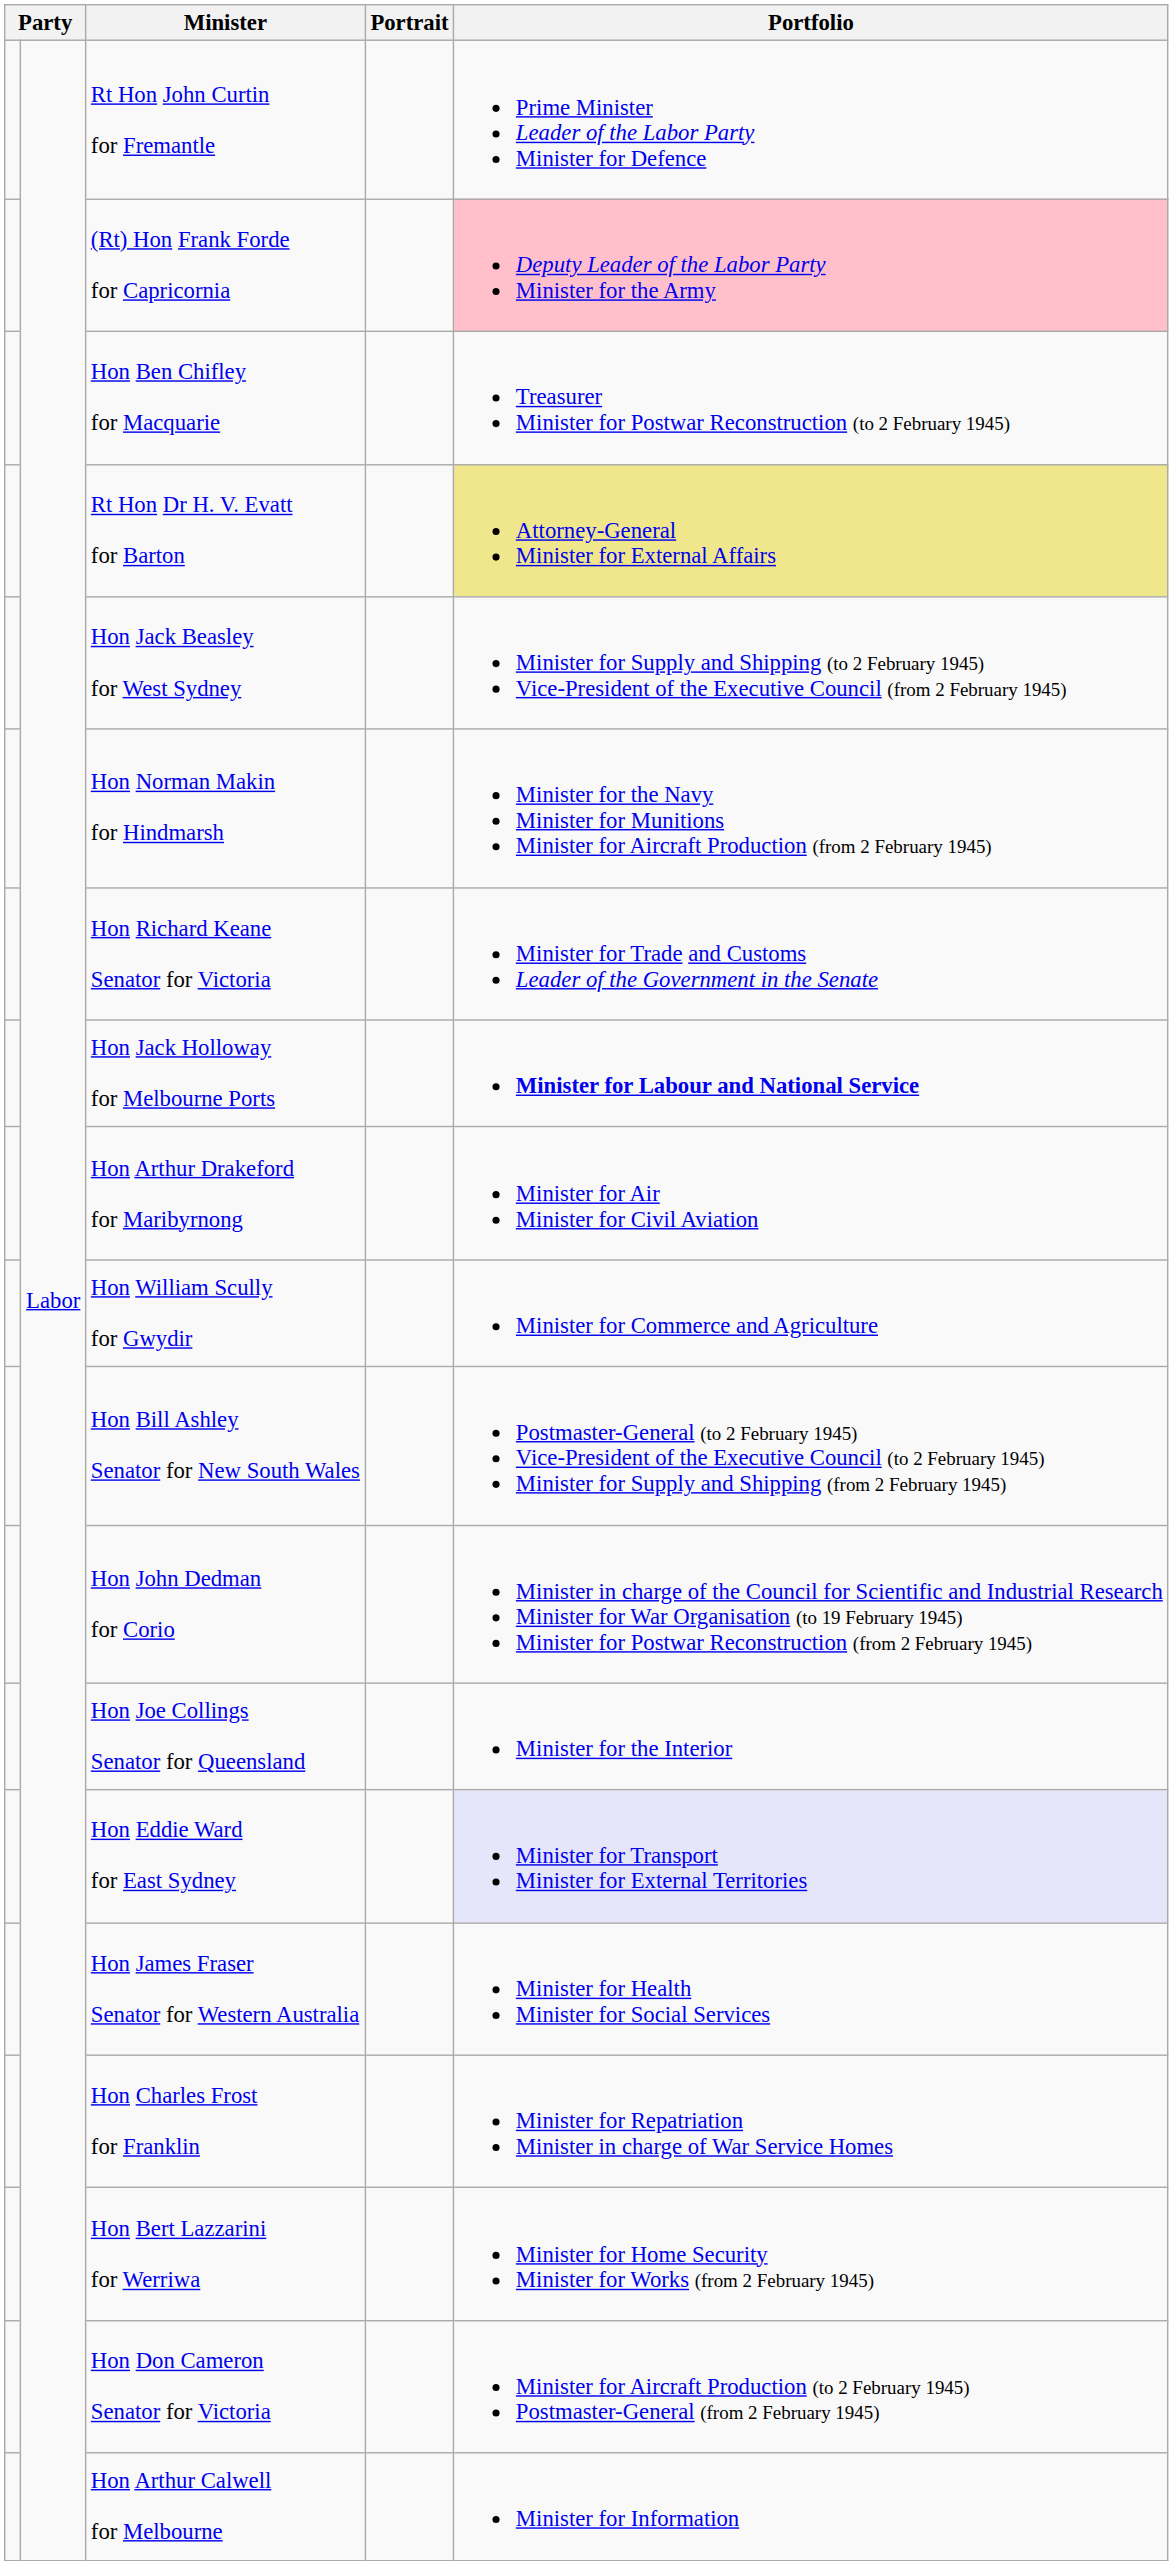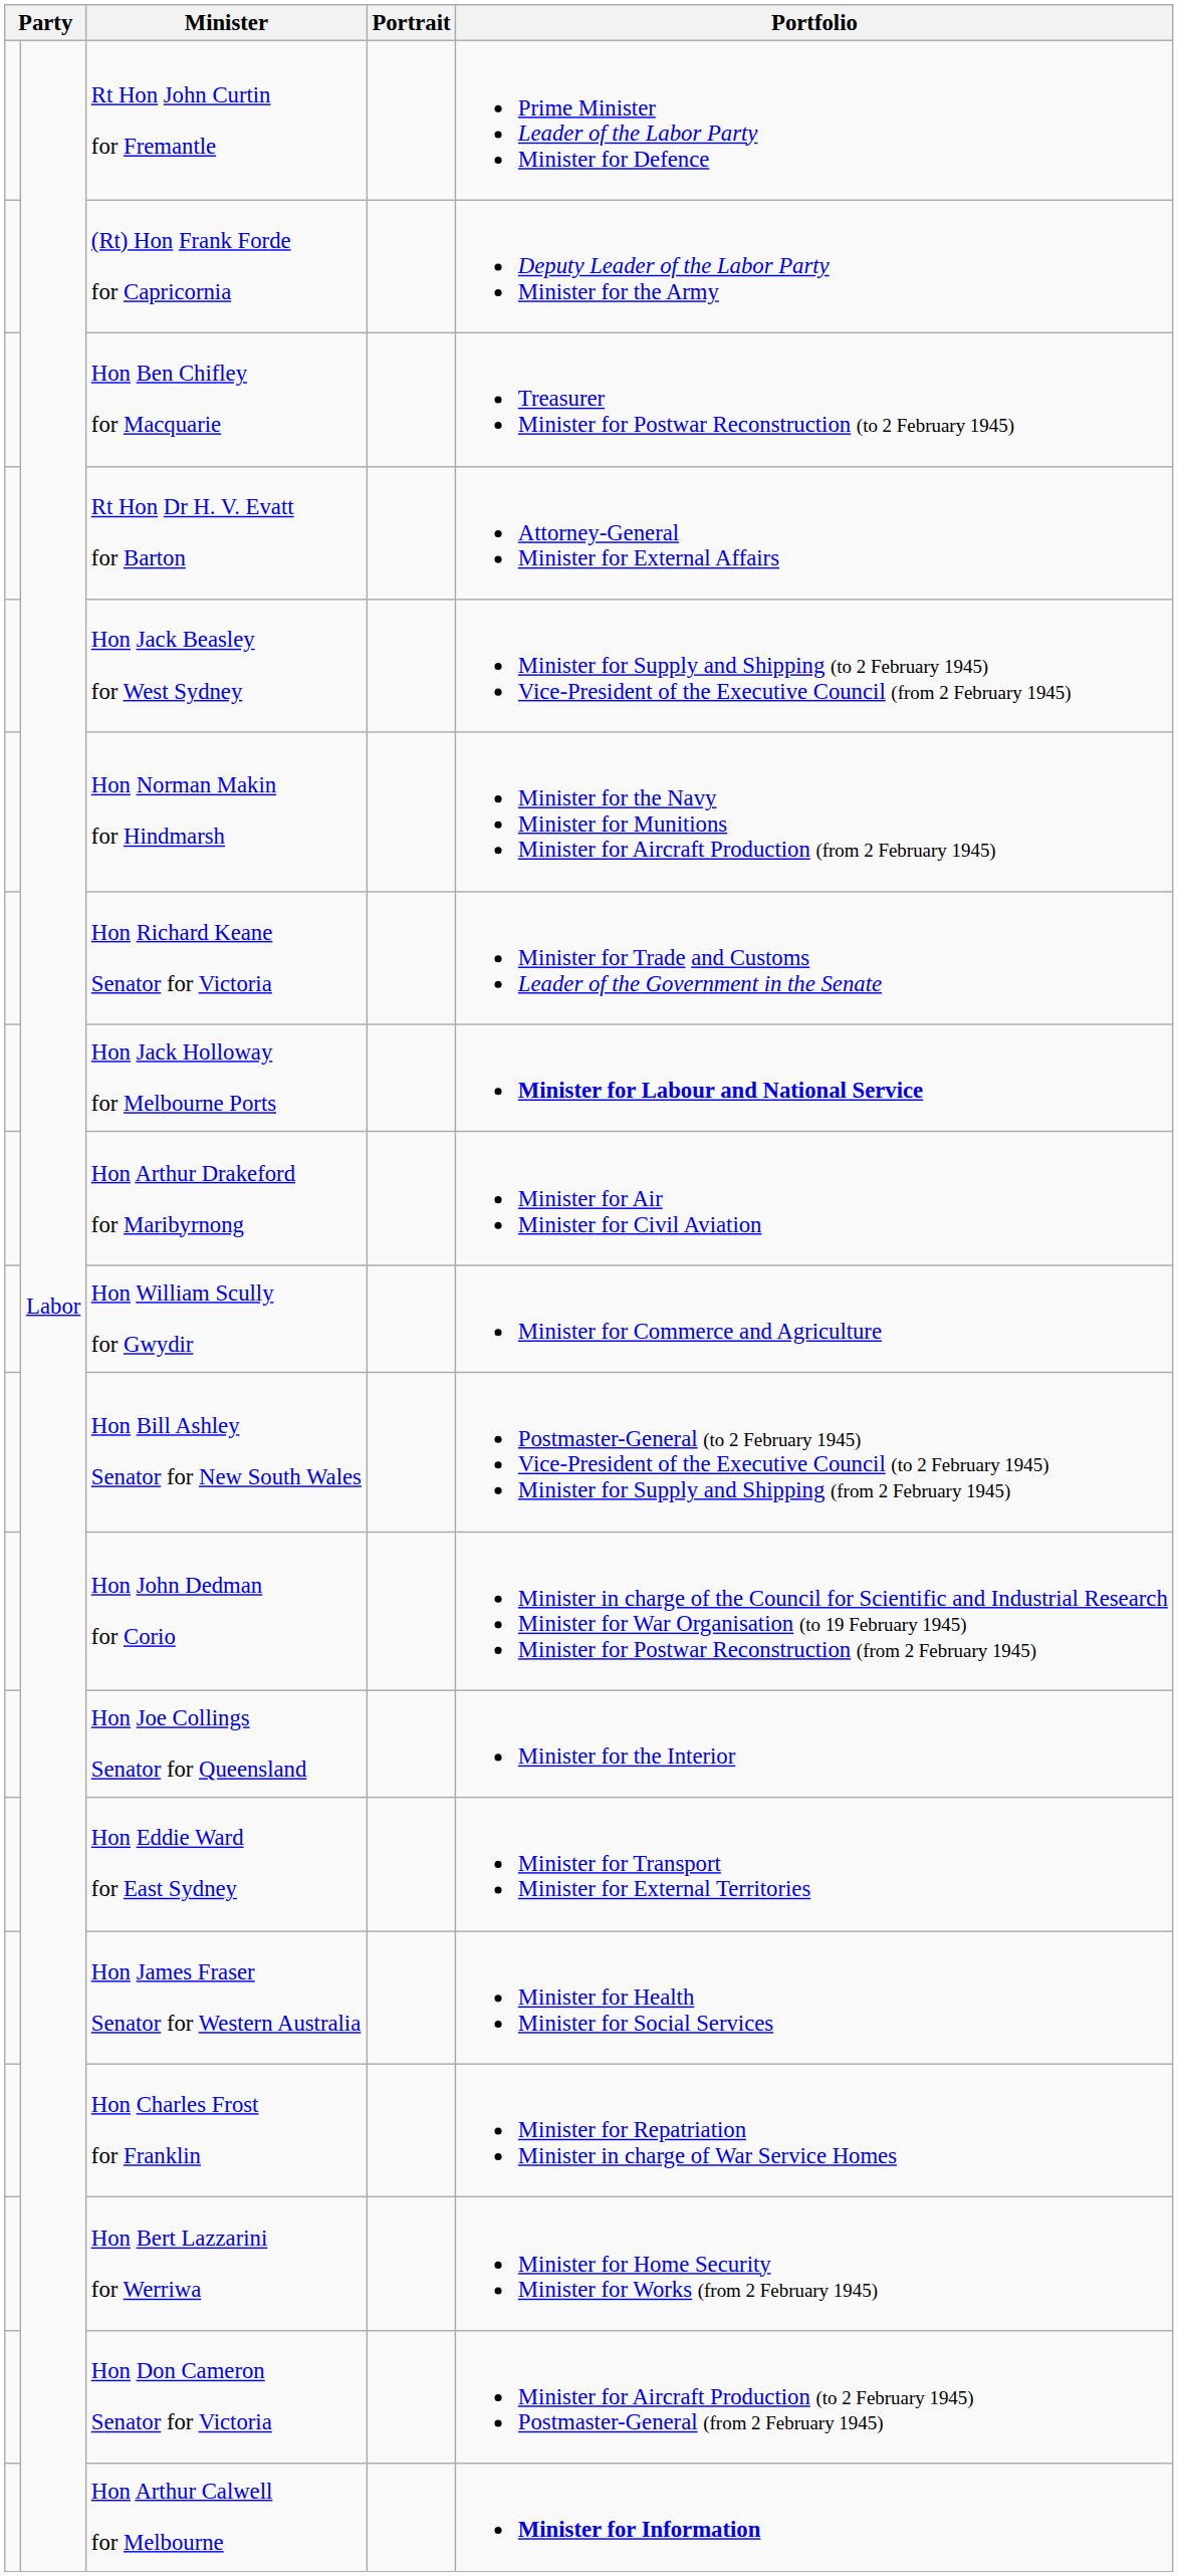 <table class="wikitable sortable">
 <tr>
 <th colspan="2">Party</th>
 <th>Minister</th>
 <th>Portrait</th>
 <th>Portfolio</th>
 </tr>
 <tr>
 <td> </td>
 <td rowspan=19><a href='#'>Labor</a></td>
 <td><a href='#'>Rt Hon</a> <a href='#'>John Curtin</a> <br><br> for <a href='#'>Fremantle</a> <br></td>
 <td></td>
 <td><br><ul><li><a href='#'>Prime Minister</a></li><li><em><a href='#'>Leader of the Labor Party</a></em></li><li><a href='#'>Minister for Defence</a></li></ul></td>
 </tr>
 <tr>
 <td> </td>
 <td><a href='#'>(Rt) Hon</a> <a href='#'>Frank Forde</a> <br><br> for <a href='#'>Capricornia</a> <br></td>
 <td></td>
-<td style="background: pink;"><br><ul><li><em><a href='#'>Deputy Leader of the Labor Party</a></em></li><li><a href='#'>Minister for the Army</a></li></ul></td>
+<td><br><ul><li><em><a href='#'>Deputy Leader of the Labor Party</a></em></li><li><a href='#'>Minister for the Army</a></li></ul></td>
 </tr>
 <tr>
 <td> </td>
 <td><a href='#'>Hon</a> <a href='#'>Ben Chifley</a> <br><br> for <a href='#'>Macquarie</a> <br></td>
 <td></td>
 <td><br><ul><li><a href='#'>Treasurer</a></li><li><a href='#'>Minister for Postwar Reconstruction</a> <small>(to 2 February 1945)</small></li></ul></td>
 </tr>
 <tr>
 <td> </td>
 <td><a href='#'>Rt Hon</a> <a href='#'>Dr H. V. Evatt</a>  <br><br> for <a href='#'>Barton</a> <br></td>
 <td></td>
-<td style="background: khaki;"><br><ul><li><a href='#'>Attorney-General</a></li><li><a href='#'>Minister for External Affairs</a></li></ul></td>
+<td><br><ul><li><a href='#'>Attorney-General</a></li><li><a href='#'>Minister for External Affairs</a></li></ul></td>
 </tr>
 <tr>
 <td> </td>
 <td><a href='#'>Hon</a> <a href='#'>Jack Beasley</a> <br><br> for <a href='#'>West Sydney</a> <br></td>
 <td></td>
 <td><br><ul><li><a href='#'>Minister for Supply and Shipping</a> <small>(to 2 February 1945)</small></li><li><a href='#'>Vice-President of the Executive Council</a> <small>(from 2 February 1945)</small></li></ul></td>
 </tr>
 <tr>
 <td> </td>
 <td><a href='#'>Hon</a> <a href='#'>Norman Makin</a> <br><br> for <a href='#'>Hindmarsh</a> <br></td>
 <td></td>
 <td><br><ul><li><a href='#'>Minister for the Navy</a></li><li><a href='#'>Minister for Munitions</a></li><li><a href='#'>Minister for Aircraft Production</a> <small>(from 2 February 1945)</small></li></ul></td>
 </tr>
 <tr>
 <td> </td>
 <td><a href='#'>Hon</a> <a href='#'>Richard Keane</a> <br><br><a href='#'>Senator</a> for <a href='#'>Victoria</a> <br></td>
 <td></td>
 <td><br><ul><li><a href='#'>Minister for Trade</a> <a href='#'>and Customs</a></li><li><em><a href='#'>Leader of the Government in the Senate</a></em></li></ul></td>
 </tr>
 <tr>
 <td> </td>
 <td><a href='#'>Hon</a> <a href='#'>Jack Holloway</a> <br><br> for <a href='#'>Melbourne Ports</a> <br></td>
 <td></td>
 <td><strong><br><ul><li><a href='#'>Minister for Labour and National Service</a></li></ul></strong></td>
 </tr>
 <tr>
 <td> </td>
 <td><a href='#'>Hon</a> <a href='#'>Arthur Drakeford</a> <br><br> for <a href='#'>Maribyrnong</a> <br></td>
 <td></td>
 <td><br><ul><li><a href='#'>Minister for Air</a></li><li><a href='#'>Minister for Civil Aviation</a></li></ul></td>
 </tr>
 <tr>
 <td> </td>
 <td><a href='#'>Hon</a> <a href='#'>William Scully</a> <br><br> for <a href='#'>Gwydir</a> <br></td>
 <td></td>
 <td><br><ul><li><a href='#'>Minister for Commerce and Agriculture</a></li></ul></td>
 </tr>
 <tr>
 <td> </td>
 <td><a href='#'>Hon</a> <a href='#'>Bill Ashley</a> <br><br><a href='#'>Senator</a> for <a href='#'>New South Wales</a> <br></td>
 <td></td>
 <td><br><ul><li><a href='#'>Postmaster-General</a> <small>(to 2 February 1945)</small></li><li><a href='#'>Vice-President of the Executive Council</a> <small>(to 2 February 1945)</small></li><li><a href='#'>Minister for Supply and Shipping</a> <small>(from 2 February 1945)</small></li></ul></td>
 </tr>
 <tr>
 <td> </td>
 <td><a href='#'>Hon</a> <a href='#'>John Dedman</a> <br><br> for <a href='#'>Corio</a> <br></td>
 <td></td>
 <td><br><ul><li><a href='#'>Minister in charge of the Council for Scientific and Industrial Research</a></li><li><a href='#'>Minister for War Organisation</a> <small>(to 19 February 1945)</small></li><li><a href='#'>Minister for Postwar Reconstruction</a> <small>(from 2 February 1945)</small></li></ul></td>
 </tr>
 <tr>
 <td> </td>
 <td><a href='#'>Hon</a> <a href='#'>Joe Collings</a> <br><br><a href='#'>Senator</a> for <a href='#'>Queensland</a> <br></td>
 <td></td>
 <td><br><ul><li><a href='#'>Minister for the Interior</a></li></ul></td>
 </tr>
 <tr>
 <td> </td>
 <td><a href='#'>Hon</a> <a href='#'>Eddie Ward</a> <br><br> for <a href='#'>East Sydney</a> <br></td>
 <td></td>
-<td style="background: lavender;"><br><ul><li><a href='#'>Minister for Transport</a></li><li><a href='#'>Minister for External Territories</a></li></ul></td>
+<td><br><ul><li><a href='#'>Minister for Transport</a></li><li><a href='#'>Minister for External Territories</a></li></ul></td>
 </tr>
 <tr>
 <td> </td>
 <td><a href='#'>Hon</a> <a href='#'>James Fraser</a> <br><br><a href='#'>Senator</a> for <a href='#'>Western Australia</a> <br></td>
 <td></td>
 <td><br><ul><li><a href='#'>Minister for Health</a></li><li><a href='#'>Minister for Social Services</a></li></ul></td>
 </tr>
 <tr>
 <td> </td>
 <td><a href='#'>Hon</a> <a href='#'>Charles Frost</a> <br><br> for <a href='#'>Franklin</a> <br></td>
 <td></td>
 <td><br><ul><li><a href='#'>Minister for Repatriation</a></li><li><a href='#'>Minister in charge of War Service Homes</a></li></ul></td>
 </tr>
 <tr>
 <td> </td>
 <td><a href='#'>Hon</a> <a href='#'>Bert Lazzarini</a> <br><br> for <a href='#'>Werriwa</a> <br></td>
 <td></td>
 <td><br><ul><li><a href='#'>Minister for Home Security</a></li><li><a href='#'>Minister for Works</a> <small>(from 2 February 1945)</small></li></ul></td>
 </tr>
 <tr>
 <td> </td>
 <td><a href='#'>Hon</a> <a href='#'>Don Cameron</a> <br><br><a href='#'>Senator</a> for <a href='#'>Victoria</a> <br></td>
 <td></td>
 <td><br><ul><li><a href='#'>Minister for Aircraft Production</a> <small>(to 2 February 1945)</small></li><li><a href='#'>Postmaster-General</a> <small>(from 2 February 1945)</small></li></ul></td>
 </tr>
 <tr>
 <td> </td>
 <td><a href='#'>Hon</a> <a href='#'>Arthur Calwell</a> <br><br> for <a href='#'>Melbourne</a> <br></td>
 <td></td>
-<td><br><ul><li><a href='#'>Minister for Information</a></li></ul></td>
+<td><strong><br><ul><li><a href='#'>Minister for Information</a></li></ul></strong></td>
 </tr>
 </table>
